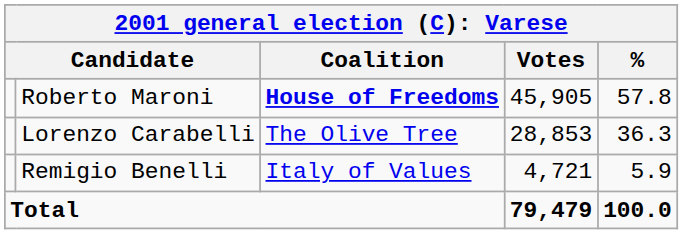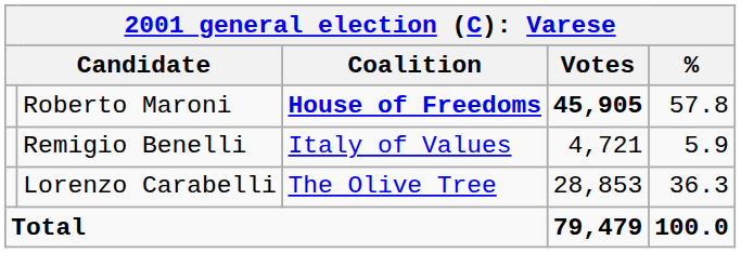 <table class=wikitable style=text-align:right>
 <tr>
 <th colspan=5><a href='#'>2001 general election</a> (<a href='#'>C</a>): <a href='#'>Varese</a></th>
 </tr>
 <tr>
 <th colspan=2>Candidate</th>
 <th>Coalition</th>
 <th>Votes</th>
 <th>%</th>
 </tr>
 <tr>
 <td></td>
 <td align=left>Roberto Maroni</td>
 <td align=left><strong><a href='#'>House of Freedoms</a></strong></td>
-<td>45,905</td>
+<td><strong>45,905</strong></td>
 <td>57.8</td>
+</tr>
+<tr>
+<td></td>
+<td align=left>Remigio Benelli</td>
+<td align=left><a href='#'>Italy of Values</a></td>
+<td>4,721</td>
+<td>5.9</td>
 </tr>
 <tr>
 <td></td>
 <td align=left>Lorenzo Carabelli</td>
 <td align=left><a href='#'>The Olive Tree</a></td>
 <td>28,853</td>
 <td>36.3</td>
 </tr>
 <tr>
-<td></td>
-<td align=left>Remigio Benelli</td>
-<td align=left><a href='#'>Italy of Values</a></td>
-<td>4,721</td>
-<td>5.9</td>
-</tr>
-<tr>
 <td align=left colspan=3><strong>Total</strong></td>
 <td><strong>79,479</strong></td>
 <td><strong>100.0</strong></td>
 </tr>
 </table>
